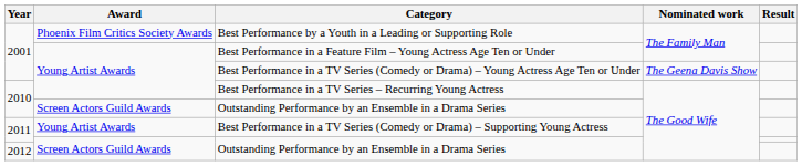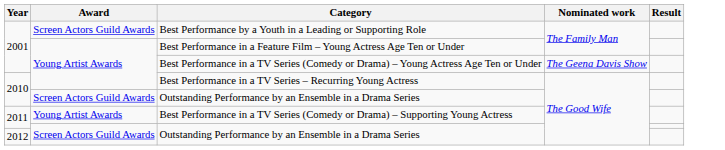 <table class="wikitable">
 <tr>
 <th>Year</th>
 <th>Award</th>
 <th>Category</th>
 <th>Nominated work</th>
 <th>Result</th>
 </tr>
 <tr>
 <td rowspan="3">2001</td>
-<td><a href='#'>Phoenix Film Critics Society Awards</a></td>
+<td><a href='#'>Screen Actors Guild Awards</a></td>
 <td>Best Performance by a Youth in a Leading or Supporting Role</td>
 <td rowspan="2"><em><a href='#'>The Family Man</a></em></td>
 <td></td>
 </tr>
 <tr>
 <td rowspan="3"><a href='#'>Young Artist Awards</a></td>
 <td>Best Performance in a Feature Film – Young Actress Age Ten or Under</td>
 <td></td>
 </tr>
 <tr>
 <td>Best Performance in a TV Series (Comedy or Drama) – Young Actress Age Ten or Under</td>
 <td><em><a href='#'>The Geena Davis Show</a></em></td>
 <td></td>
 </tr>
 <tr>
 <td rowspan="2">2010</td>
 <td>Best Performance in a TV Series – Recurring Young Actress</td>
 <td rowspan="5"><em><a href='#'>The Good Wife</a></em></td>
 <td></td>
 </tr>
 <tr>
 <td><a href='#'>Screen Actors Guild Awards</a></td>
 <td>Outstanding Performance by an Ensemble in a Drama Series</td>
 <td></td>
 </tr>
 <tr>
 <td rowspan="2">2011</td>
 <td><a href='#'>Young Artist Awards</a></td>
 <td>Best Performance in a TV Series (Comedy or Drama) – Supporting Young Actress</td>
 <td></td>
 </tr>
 <tr>
 <td rowspan="2"><a href='#'>Screen Actors Guild Awards</a></td>
 <td rowspan="2">Outstanding Performance by an Ensemble in a Drama Series</td>
 <td></td>
 </tr>
 <tr>
 <td>2012</td>
 <td></td>
 </tr>
 </table>
